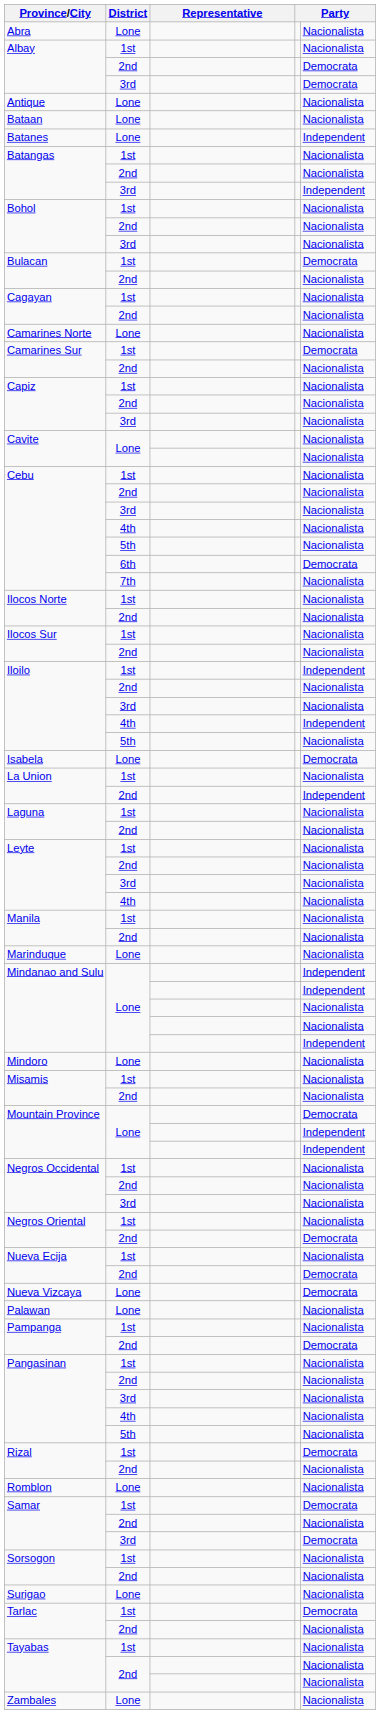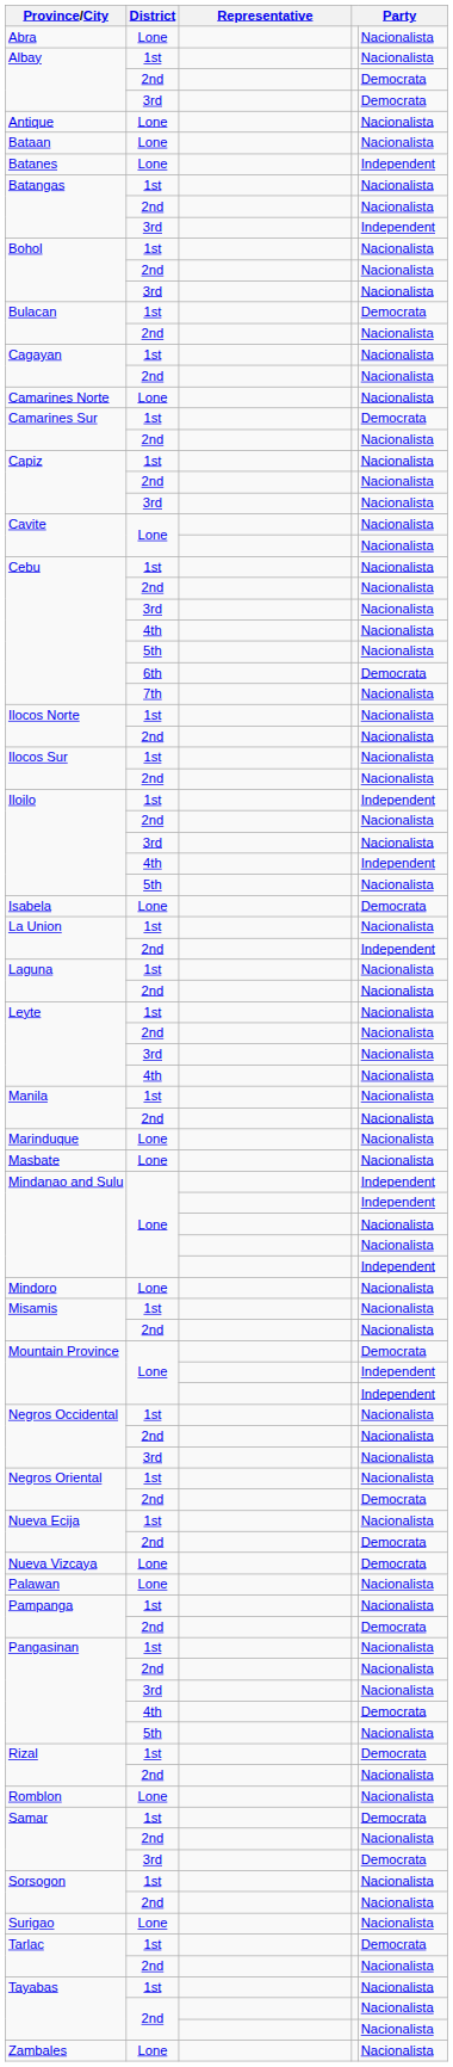 <table class="wikitable sortable">
 <tr>
 <th><a href='#'>Province</a>/<a href='#'>City</a></th>
 <th><a href='#'>District</a></th>
 <th width="200px"><a href='#'>Representative</a></th>
 <th colspan="2"><a href='#'>Party</a></th>
 </tr>
 <tr>
 <td valign="top"><a href='#'>Abra</a></td>
 <td align="center"><a href='#'>Lone</a></td>
 <td></td>
 <td></td>
 <td width="100px"><a href='#'>Nacionalista</a></td>
 </tr>
 <tr>
 <td rowspan="3" valign="top"><a href='#'>Albay</a></td>
 <td align="center"><a href='#'>1st</a></td>
 <td></td>
 <td></td>
 <td><a href='#'>Nacionalista</a></td>
 </tr>
 <tr>
 <td align="center"><a href='#'>2nd</a></td>
 <td></td>
 <td></td>
 <td><a href='#'>Democrata</a></td>
 </tr>
 <tr>
 <td align="center"><a href='#'>3rd</a></td>
 <td></td>
 <td></td>
 <td><a href='#'>Democrata</a></td>
 </tr>
 <tr>
 <td><a href='#'>Antique</a></td>
 <td align="center"><a href='#'>Lone</a></td>
 <td></td>
 <td></td>
 <td><a href='#'>Nacionalista</a></td>
 </tr>
 <tr>
 <td valign="top"><a href='#'>Bataan</a></td>
 <td align="center"><a href='#'>Lone</a></td>
 <td></td>
 <td></td>
 <td><a href='#'>Nacionalista</a></td>
 </tr>
 <tr>
 <td valign="top"><a href='#'>Batanes</a></td>
 <td align="center"><a href='#'>Lone</a></td>
 <td></td>
 <td></td>
 <td><a href='#'>Independent</a></td>
 </tr>
 <tr>
 <td rowspan="3" valign="top"><a href='#'>Batangas</a></td>
 <td align="center"><a href='#'>1st</a></td>
 <td></td>
 <td></td>
 <td><a href='#'>Nacionalista</a></td>
 </tr>
 <tr>
 <td align="center"><a href='#'>2nd</a></td>
 <td></td>
 <td></td>
 <td><a href='#'>Nacionalista</a></td>
 </tr>
 <tr>
 <td align="center"><a href='#'>3rd</a></td>
 <td></td>
 <td></td>
 <td><a href='#'>Independent</a></td>
 </tr>
 <tr>
 <td rowspan="3" valign="top"><a href='#'>Bohol</a></td>
 <td align="center"><a href='#'>1st</a></td>
 <td></td>
 <td></td>
 <td><a href='#'>Nacionalista</a></td>
 </tr>
 <tr>
 <td align="center"><a href='#'>2nd</a></td>
 <td></td>
 <td></td>
 <td><a href='#'>Nacionalista</a></td>
 </tr>
 <tr>
 <td align="center"><a href='#'>3rd</a></td>
 <td></td>
 <td></td>
 <td><a href='#'>Nacionalista</a></td>
 </tr>
 <tr>
 <td rowspan="2" valign="top"><a href='#'>Bulacan</a></td>
 <td align="center"><a href='#'>1st</a></td>
 <td></td>
 <td></td>
 <td><a href='#'>Democrata</a></td>
 </tr>
 <tr>
 <td align="center"><a href='#'>2nd</a></td>
 <td></td>
 <td></td>
 <td><a href='#'>Nacionalista</a></td>
 </tr>
 <tr>
 <td rowspan="2" valign="top"><a href='#'>Cagayan</a></td>
 <td align="center"><a href='#'>1st</a></td>
 <td></td>
 <td></td>
 <td><a href='#'>Nacionalista</a></td>
 </tr>
 <tr>
 <td align="center"><a href='#'>2nd</a></td>
 <td></td>
 <td></td>
 <td><a href='#'>Nacionalista</a></td>
 </tr>
 <tr>
 <td valign="top"><a href='#'>Camarines Norte</a></td>
 <td align="center"><a href='#'>Lone</a></td>
 <td></td>
 <td></td>
 <td><a href='#'>Nacionalista</a></td>
 </tr>
 <tr>
 <td rowspan="2"  valign="top"><a href='#'>Camarines Sur</a></td>
 <td align="center"><a href='#'>1st</a></td>
 <td></td>
 <td></td>
 <td><a href='#'>Democrata</a></td>
 </tr>
 <tr>
 <td align="center"><a href='#'>2nd</a></td>
 <td></td>
 <td></td>
 <td><a href='#'>Nacionalista</a></td>
 </tr>
 <tr>
 <td rowspan="3" valign="top"><a href='#'>Capiz</a></td>
 <td align="center"><a href='#'>1st</a></td>
 <td></td>
 <td></td>
 <td><a href='#'>Nacionalista</a></td>
 </tr>
 <tr>
 <td align="center"><a href='#'>2nd</a></td>
 <td></td>
 <td></td>
 <td><a href='#'>Nacionalista</a></td>
 </tr>
 <tr>
 <td align="center"><a href='#'>3rd</a></td>
 <td></td>
 <td></td>
 <td><a href='#'>Nacionalista</a></td>
 </tr>
 <tr>
 <td rowspan="2" valign="top"><a href='#'>Cavite</a></td>
 <td rowspan="2" align="center"><a href='#'>Lone</a></td>
 <td></td>
 <td></td>
 <td><a href='#'>Nacionalista</a></td>
 </tr>
 <tr>
 <td></td>
 <td></td>
 <td><a href='#'>Nacionalista</a></td>
 </tr>
 <tr>
 <td rowspan="7" valign="top"><a href='#'>Cebu</a></td>
 <td align="center"><a href='#'>1st</a></td>
 <td></td>
 <td></td>
 <td><a href='#'>Nacionalista</a></td>
 </tr>
 <tr>
 <td align="center"><a href='#'>2nd</a></td>
 <td></td>
 <td></td>
 <td><a href='#'>Nacionalista</a></td>
 </tr>
 <tr>
 <td align="center"><a href='#'>3rd</a></td>
 <td></td>
 <td></td>
 <td><a href='#'>Nacionalista</a></td>
 </tr>
 <tr>
 <td align="center"><a href='#'>4th</a></td>
 <td></td>
 <td></td>
 <td><a href='#'>Nacionalista</a></td>
 </tr>
 <tr>
 <td align="center"><a href='#'>5th</a></td>
 <td></td>
 <td></td>
 <td><a href='#'>Nacionalista</a></td>
 </tr>
 <tr>
 <td align="center"><a href='#'>6th</a></td>
 <td></td>
 <td></td>
 <td><a href='#'>Democrata</a></td>
 </tr>
 <tr>
 <td align="center"><a href='#'>7th</a></td>
 <td></td>
 <td></td>
 <td><a href='#'>Nacionalista</a></td>
 </tr>
 <tr>
 <td rowspan="2" valign="top"><a href='#'>Ilocos Norte</a></td>
 <td align="center"><a href='#'>1st</a></td>
 <td></td>
 <td></td>
 <td><a href='#'>Nacionalista</a></td>
 </tr>
 <tr>
 <td align="center"><a href='#'>2nd</a></td>
 <td></td>
 <td></td>
 <td><a href='#'>Nacionalista</a></td>
 </tr>
 <tr>
 <td rowspan="2" valign="top"><a href='#'>Ilocos Sur</a></td>
 <td align="center"><a href='#'>1st</a></td>
 <td></td>
 <td></td>
 <td><a href='#'>Nacionalista</a></td>
 </tr>
 <tr>
 <td align="center"><a href='#'>2nd</a></td>
 <td></td>
 <td></td>
 <td><a href='#'>Nacionalista</a></td>
 </tr>
 <tr>
 <td rowspan="5" valign="top"><a href='#'>Iloilo</a></td>
 <td align="center"><a href='#'>1st</a></td>
 <td></td>
 <td></td>
 <td><a href='#'>Independent</a></td>
 </tr>
 <tr>
 <td align="center"><a href='#'>2nd</a></td>
 <td></td>
 <td></td>
 <td><a href='#'>Nacionalista</a></td>
 </tr>
 <tr>
 <td align="center"><a href='#'>3rd</a></td>
 <td></td>
 <td></td>
 <td><a href='#'>Nacionalista</a></td>
 </tr>
 <tr>
 <td align="center"><a href='#'>4th</a></td>
 <td></td>
 <td></td>
 <td><a href='#'>Independent</a></td>
 </tr>
 <tr>
 <td align="center"><a href='#'>5th</a></td>
 <td></td>
 <td></td>
 <td><a href='#'>Nacionalista</a></td>
 </tr>
 <tr>
 <td valign="top"><a href='#'>Isabela</a></td>
 <td align="center"><a href='#'>Lone</a></td>
 <td></td>
 <td></td>
 <td><a href='#'>Democrata</a></td>
 </tr>
 <tr>
 <td rowspan="2" valign="top"><a href='#'>La Union</a></td>
 <td align="center"><a href='#'>1st</a></td>
 <td></td>
 <td></td>
 <td><a href='#'>Nacionalista</a></td>
 </tr>
 <tr>
 <td align="center"><a href='#'>2nd</a></td>
 <td></td>
 <td></td>
 <td><a href='#'>Independent</a></td>
 </tr>
 <tr>
 <td rowspan="2" valign="top"><a href='#'>Laguna</a></td>
 <td align="center"><a href='#'>1st</a></td>
 <td></td>
 <td></td>
 <td><a href='#'>Nacionalista</a></td>
 </tr>
 <tr>
 <td align="center"><a href='#'>2nd</a></td>
 <td></td>
 <td></td>
 <td><a href='#'>Nacionalista</a></td>
 </tr>
 <tr>
 <td rowspan="4" valign="top"><a href='#'>Leyte</a></td>
 <td align="center"><a href='#'>1st</a></td>
 <td></td>
 <td></td>
 <td><a href='#'>Nacionalista</a></td>
 </tr>
 <tr>
 <td align="center"><a href='#'>2nd</a></td>
 <td></td>
 <td></td>
 <td><a href='#'>Nacionalista</a></td>
 </tr>
 <tr>
 <td align="center"><a href='#'>3rd</a></td>
 <td></td>
 <td></td>
 <td><a href='#'>Nacionalista</a></td>
 </tr>
 <tr>
 <td align="center"><a href='#'>4th</a></td>
 <td></td>
 <td></td>
 <td><a href='#'>Nacionalista</a></td>
 </tr>
 <tr>
 <td rowspan="2" valign="top"><a href='#'>Manila</a></td>
 <td align="center"><a href='#'>1st</a></td>
 <td></td>
 <td></td>
 <td><a href='#'>Nacionalista</a></td>
 </tr>
 <tr>
 <td align="center"><a href='#'>2nd</a></td>
 <td></td>
 <td></td>
 <td><a href='#'>Nacionalista</a></td>
 </tr>
 <tr>
 <td valign="top"><a href='#'>Marinduque</a></td>
 <td align="center"><a href='#'>Lone</a></td>
 <td></td>
 <td></td>
 <td><a href='#'>Nacionalista</a></td>
 </tr>
 <tr>
+<td valign="top"><a href='#'>Masbate</a></td>
+<td align="center"><a href='#'>Lone</a></td>
+<td></td>
+<td></td>
+<td><a href='#'>Nacionalista</a></td>
+</tr>
+<tr>
 <td rowspan="5" valign="top"><a href='#'>Mindanao and Sulu</a></td>
 <td rowspan="5" align="center"><a href='#'>Lone</a></td>
 <td></td>
 <td></td>
 <td><a href='#'>Independent</a></td>
 </tr>
 <tr>
 <td></td>
 <td></td>
 <td><a href='#'>Independent</a></td>
 </tr>
 <tr>
 <td></td>
 <td></td>
 <td><a href='#'>Nacionalista</a></td>
 </tr>
 <tr>
 <td></td>
 <td></td>
 <td><a href='#'>Nacionalista</a></td>
 </tr>
 <tr>
 <td></td>
 <td></td>
 <td><a href='#'>Independent</a></td>
 </tr>
 <tr>
 <td valign="top"><a href='#'>Mindoro</a></td>
 <td align="center"><a href='#'>Lone</a></td>
 <td></td>
 <td></td>
 <td><a href='#'>Nacionalista</a></td>
 </tr>
 <tr>
 <td rowspan="2" valign="top"><a href='#'>Misamis</a></td>
 <td align="center"><a href='#'>1st</a></td>
 <td></td>
 <td></td>
 <td><a href='#'>Nacionalista</a></td>
 </tr>
 <tr>
 <td align="center"><a href='#'>2nd</a></td>
 <td></td>
 <td></td>
 <td><a href='#'>Nacionalista</a></td>
 </tr>
 <tr>
 <td rowspan="3" valign="top"><a href='#'>Mountain Province</a></td>
 <td rowspan="3" align="center"><a href='#'>Lone</a></td>
 <td></td>
 <td></td>
 <td><a href='#'>Democrata</a></td>
 </tr>
 <tr>
 <td></td>
 <td></td>
 <td><a href='#'>Independent</a></td>
 </tr>
 <tr>
 <td></td>
 <td></td>
 <td><a href='#'>Independent</a></td>
 </tr>
 <tr>
 <td rowspan="3" valign="top"><a href='#'>Negros Occidental</a></td>
 <td align="center"><a href='#'>1st</a></td>
 <td></td>
 <td></td>
 <td><a href='#'>Nacionalista</a></td>
 </tr>
 <tr>
 <td align="center"><a href='#'>2nd</a></td>
 <td></td>
 <td></td>
 <td><a href='#'>Nacionalista</a></td>
 </tr>
 <tr>
 <td align="center"><a href='#'>3rd</a></td>
 <td></td>
 <td></td>
 <td><a href='#'>Nacionalista</a></td>
 </tr>
 <tr>
 <td rowspan="2" valign="top"><a href='#'>Negros Oriental</a></td>
 <td align="center"><a href='#'>1st</a></td>
 <td></td>
 <td></td>
 <td><a href='#'>Nacionalista</a></td>
 </tr>
 <tr>
 <td align="center"><a href='#'>2nd</a></td>
 <td></td>
 <td></td>
 <td><a href='#'>Democrata</a></td>
 </tr>
 <tr>
 <td rowspan="2" valign="top"><a href='#'>Nueva Ecija</a></td>
 <td align="center"><a href='#'>1st</a></td>
 <td></td>
 <td></td>
 <td><a href='#'>Nacionalista</a></td>
 </tr>
 <tr>
 <td align="center"><a href='#'>2nd</a></td>
 <td></td>
 <td></td>
 <td><a href='#'>Democrata</a></td>
 </tr>
 <tr>
 <td valign="top"><a href='#'>Nueva Vizcaya</a></td>
 <td align="center"><a href='#'>Lone</a></td>
 <td></td>
 <td></td>
 <td><a href='#'>Democrata</a></td>
 </tr>
 <tr>
 <td valign="top"><a href='#'>Palawan</a></td>
 <td align="center"><a href='#'>Lone</a></td>
 <td></td>
 <td></td>
 <td><a href='#'>Nacionalista</a></td>
 </tr>
 <tr>
 <td rowspan="2" valign="top"><a href='#'>Pampanga</a></td>
 <td align="center"><a href='#'>1st</a></td>
 <td></td>
 <td></td>
 <td><a href='#'>Nacionalista</a></td>
 </tr>
 <tr>
 <td align="center"><a href='#'>2nd</a></td>
 <td></td>
 <td></td>
 <td><a href='#'>Democrata</a></td>
 </tr>
 <tr>
 <td rowspan="5" valign="top"><a href='#'>Pangasinan</a></td>
 <td align="center"><a href='#'>1st</a></td>
 <td></td>
 <td></td>
 <td><a href='#'>Nacionalista</a></td>
 </tr>
 <tr>
 <td align="center"><a href='#'>2nd</a></td>
 <td></td>
 <td></td>
 <td><a href='#'>Nacionalista</a></td>
 </tr>
 <tr>
 <td align="center"><a href='#'>3rd</a></td>
 <td></td>
 <td></td>
 <td><a href='#'>Nacionalista</a></td>
 </tr>
 <tr>
 <td align="center"><a href='#'>4th</a></td>
 <td></td>
 <td></td>
-<td><a href='#'>Nacionalista</a></td>
+<td><a href='#'>Democrata</a></td>
 </tr>
 <tr>
 <td align="center"><a href='#'>5th</a></td>
 <td></td>
 <td></td>
 <td><a href='#'>Nacionalista</a></td>
 </tr>
 <tr>
 <td rowspan="2" valign="top"><a href='#'>Rizal</a></td>
 <td align="center"><a href='#'>1st</a></td>
 <td></td>
 <td></td>
 <td><a href='#'>Democrata</a></td>
 </tr>
 <tr>
 <td align="center"><a href='#'>2nd</a></td>
 <td></td>
 <td></td>
 <td><a href='#'>Nacionalista</a></td>
 </tr>
 <tr>
 <td valign="top"><a href='#'>Romblon</a></td>
 <td align="center"><a href='#'>Lone</a></td>
 <td></td>
 <td></td>
 <td><a href='#'>Nacionalista</a></td>
 </tr>
 <tr>
 <td rowspan="3" valign="top"><a href='#'>Samar</a></td>
 <td align="center"><a href='#'>1st</a></td>
 <td></td>
 <td></td>
 <td><a href='#'>Democrata</a></td>
 </tr>
 <tr>
 <td align="center"><a href='#'>2nd</a></td>
 <td></td>
 <td></td>
 <td><a href='#'>Nacionalista</a></td>
 </tr>
 <tr>
 <td align="center"><a href='#'>3rd</a></td>
 <td></td>
 <td></td>
 <td><a href='#'>Democrata</a></td>
 </tr>
 <tr>
 <td rowspan="2" valign="top"><a href='#'>Sorsogon</a></td>
 <td align="center"><a href='#'>1st</a></td>
 <td></td>
 <td></td>
 <td><a href='#'>Nacionalista</a></td>
 </tr>
 <tr>
 <td align="center"><a href='#'>2nd</a></td>
 <td></td>
 <td></td>
 <td><a href='#'>Nacionalista</a></td>
 </tr>
 <tr>
 <td valign="top"><a href='#'>Surigao</a></td>
 <td align="center"><a href='#'>Lone</a></td>
 <td></td>
 <td></td>
 <td><a href='#'>Nacionalista</a></td>
 </tr>
 <tr>
 <td rowspan="2" valign="top"><a href='#'>Tarlac</a></td>
 <td align="center"><a href='#'>1st</a></td>
 <td></td>
 <td></td>
 <td><a href='#'>Democrata</a></td>
 </tr>
 <tr>
 <td align="center"><a href='#'>2nd</a></td>
 <td></td>
 <td></td>
 <td><a href='#'>Nacionalista</a></td>
 </tr>
 <tr>
 <td rowspan="3" valign="top"><a href='#'>Tayabas</a></td>
 <td align="center"><a href='#'>1st</a></td>
 <td></td>
 <td></td>
 <td><a href='#'>Nacionalista</a></td>
 </tr>
 <tr>
 <td rowspan="2" align="center"><a href='#'>2nd</a></td>
 <td></td>
 <td></td>
 <td><a href='#'>Nacionalista</a></td>
 </tr>
 <tr>
 <td></td>
 <td></td>
 <td><a href='#'>Nacionalista</a></td>
 </tr>
 <tr>
 <td valign="top"><a href='#'>Zambales</a></td>
 <td align="center"><a href='#'>Lone</a></td>
 <td></td>
 <td></td>
 <td><a href='#'>Nacionalista</a></td>
 </tr>
 </table>
